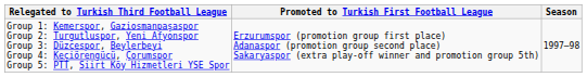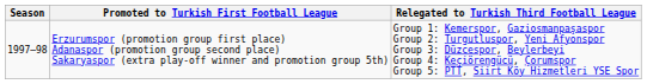 <table class="wikitable">
 <tr>
+<th>Season</th>
+<th>Promoted to <a href='#'>Turkish First Football League</a></th>
 <th>Relegated to <a href='#'>Turkish Third Football League</a></th>
-<th>Promoted to <a href='#'>Turkish First Football League</a></th>
-<th>Season</th>
 </tr>
 <tr>
+<td>1997–98</td>
+<td><a href='#'>Erzurumspor</a> (promotion group first place)<br><a href='#'>Adanaspor</a> (promotion group second place)<br><a href='#'>Sakaryaspor</a> (extra play-off winner and promotion group 5th)</td>
 <td>Group 1: <a href='#'>Kemerspor</a>, <a href='#'>Gaziosmanpaşaspor</a><br>Group 2: <a href='#'>Turgutluspor</a>, <a href='#'>Yeni Afyonspor</a><br>Group 3: <a href='#'>Düzcespor</a>, <a href='#'>Beylerbeyi</a><br>Group 4: <a href='#'>Keçiörengücü</a>, <a href='#'>Çorumspor</a><br>Group 5: <a href='#'>PTT</a>, <a href='#'>Siirt Köy Hizmetleri YSE Spor</a></td>
-<td><a href='#'>Erzurumspor</a> (promotion group first place)<br><a href='#'>Adanaspor</a> (promotion group second place)<br><a href='#'>Sakaryaspor</a> (extra play-off winner and promotion group 5th)</td>
-<td>1997–98</td>
 </tr>
 </table>
